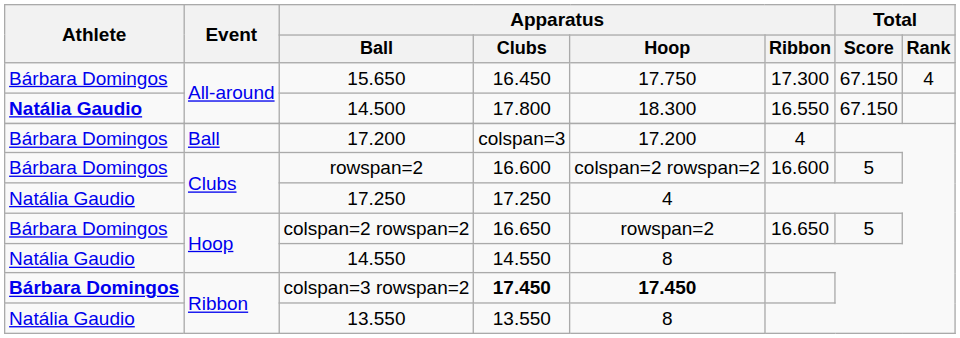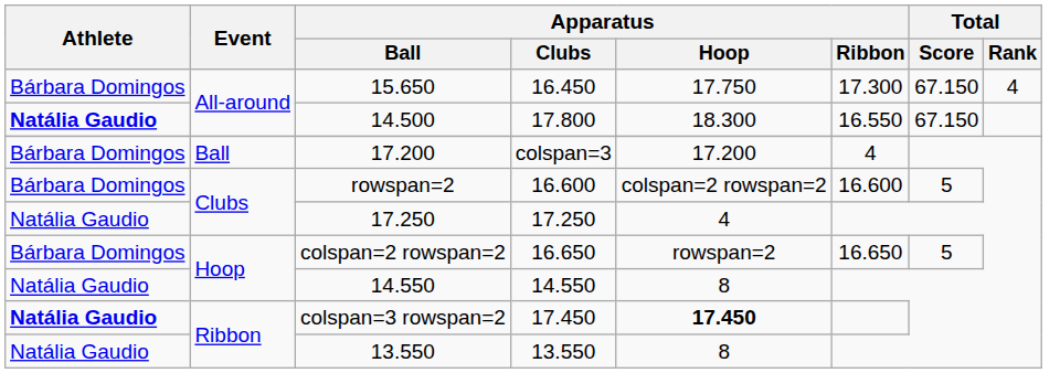 <table class=wikitable style=font-size:90%;text-align:center>
 <tr>
 <th rowspan=2>Athlete</th>
 <th rowspan=2>Event</th>
 <th colspan=4>Apparatus</th>
 <th colspan=2>Total</th>
 </tr>
 <tr style=font-size:95%>
 <th>Ball</th>
 <th>Clubs</th>
 <th>Hoop</th>
 <th>Ribbon</th>
 <th>Score</th>
 <th>Rank</th>
 </tr>
 <tr>
 <td align=left><a href='#'>Bárbara Domingos</a></td>
 <td align=left rowspan=2><a href='#'>All-around</a></td>
 <td>15.650</td>
 <td>16.450</td>
 <td>17.750</td>
 <td>17.300</td>
 <td>67.150</td>
 <td>4</td>
 </tr>
 <tr>
 <td align=left><strong><a href='#'>Natália Gaudio</a></strong></td>
 <td>14.500</td>
 <td>17.800</td>
 <td>18.300</td>
 <td>16.550</td>
 <td>67.150</td>
 <td></td>
 </tr>
 <tr>
 </tr>
 <tr>
 <td align=left><a href='#'>Bárbara Domingos</a></td>
 <td align=left><a href='#'>Ball</a></td>
 <td>17.200</td>
 <td>colspan=3  </td>
 <td>17.200</td>
 <td>4</td>
 </tr>
 <tr>
 <td align=left><a href='#'>Bárbara Domingos</a></td>
 <td align=left rowspan=2><a href='#'>Clubs</a></td>
 <td>rowspan=2 </td>
 <td>16.600</td>
 <td>colspan=2 rowspan=2 </td>
 <td>16.600</td>
 <td>5</td>
 </tr>
 <tr>
 <td align=left><a href='#'>Natália Gaudio</a></td>
 <td>17.250</td>
 <td>17.250</td>
 <td>4</td>
 </tr>
 <tr>
 <td align=left><a href='#'>Bárbara Domingos</a></td>
 <td align=left rowspan=2><a href='#'>Hoop</a></td>
 <td>colspan=2 rowspan=2 </td>
 <td>16.650</td>
 <td>rowspan=2 </td>
 <td>16.650</td>
 <td>5</td>
 </tr>
 <tr>
 <td align=left><a href='#'>Natália Gaudio</a></td>
 <td>14.550</td>
 <td>14.550</td>
 <td>8</td>
 </tr>
 <tr>
-<td align=left><strong><a href='#'>Bárbara Domingos</a></strong></td>
+<td align=left><strong><a href='#'>Natália Gaudio</a></strong></td>
 <td align=left rowspan=2><a href='#'>Ribbon</a></td>
 <td>colspan=3 rowspan=2 </td>
-<td><strong>17.450</strong></td>
+<td>17.450</td>
 <td><strong>17.450</strong></td>
 <td></td>
 </tr>
 <tr>
 <td align=left><a href='#'>Natália Gaudio</a></td>
 <td>13.550</td>
 <td>13.550</td>
 <td>8</td>
 </tr>
 </table>
